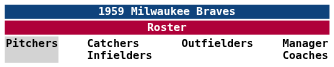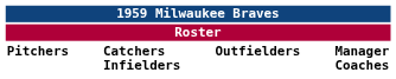 <table class="toccolours" style="font-size: 95%;">
 <tr>
 <th colspan="10" style="background-color: #0f437c; color: white; text-align: center;">1959 Milwaukee Braves</th>
 </tr>
 <tr>
 <td colspan="10" style="background-color: #af0039; color: white; text-align: center;"><strong>Roster</strong></td>
 </tr>
 <tr>
-<td valign="top" style="background: lightgrey;"><strong>Pitchers</strong><br>          </td>
+<td valign="top"><strong>Pitchers</strong><br>          </td>
 <td width="25px"></td>
 <td valign="top"><strong>Catchers</strong><br>   <strong>Infielders</strong>              </td>
 <td width="25px"></td>
 <td valign="top"><strong>Outfielders</strong><br>        </td>
 <td width="25px"></td>
 <td valign="top"><strong>Manager</strong><br> <strong>Coaches</strong>     </td>
 </tr>
 </table>
